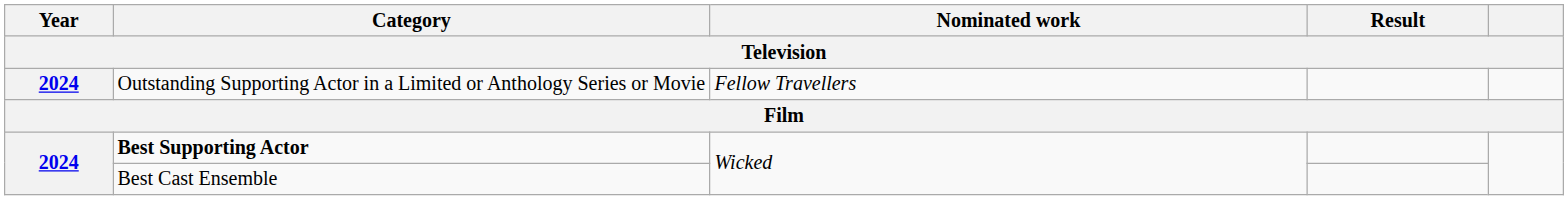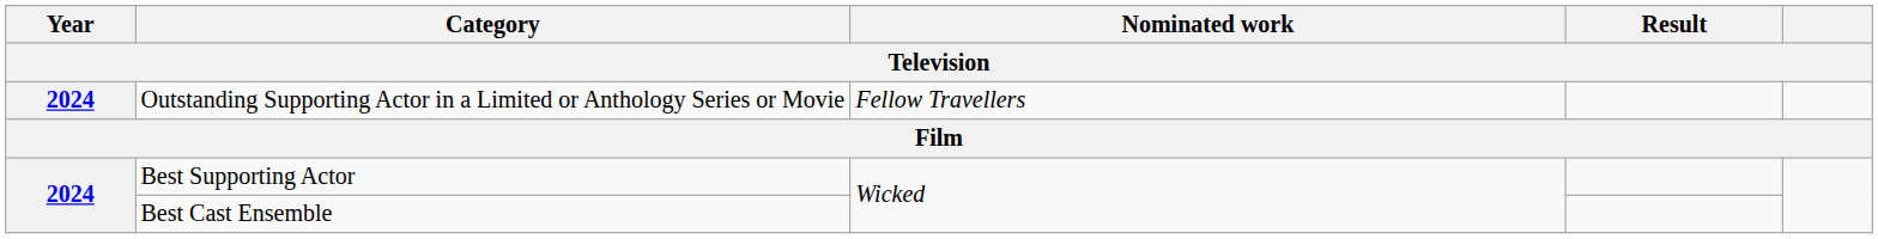 <table class="wikitable sortable">
 <tr>
 <th width="1%">Year</th>
 <th width="8%">Category</th>
 <th width="8%">Nominated work</th>
 <th width="2%">Result</th>
 <th width="1%" class="unsortable"></th>
 </tr>
 <tr>
 <th colspan="5">Television</th>
 </tr>
 <tr>
 <th style="text-align:center;"><a href='#'>2024</a></th>
 <td>Outstanding Supporting Actor in a Limited or Anthology Series or Movie</td>
 <td><em>Fellow Travellers</em></td>
 <td></td>
 <td style="text-align:center;"></td>
 </tr>
 <tr>
 <th colspan="5">Film</th>
 </tr>
 <tr>
 <th rowspan="2"><a href='#'>2024</a></th>
-<td><strong>Best Supporting Actor</strong></td>
+<td>Best Supporting Actor</td>
 <td rowspan="2"><em>Wicked</em></td>
 <td></td>
 <td style="text-align:center;" rowspan="2"></td>
 </tr>
 <tr>
 <td>Best Cast Ensemble</td>
 <td></td>
 </tr>
 </table>
